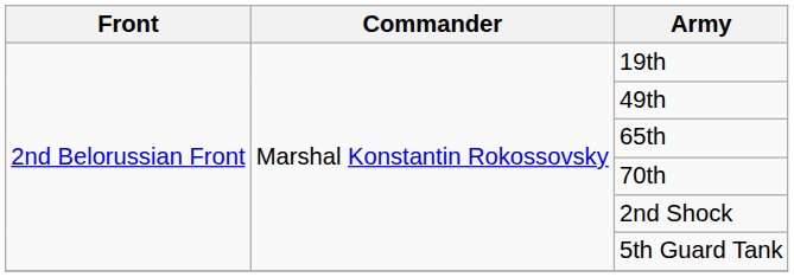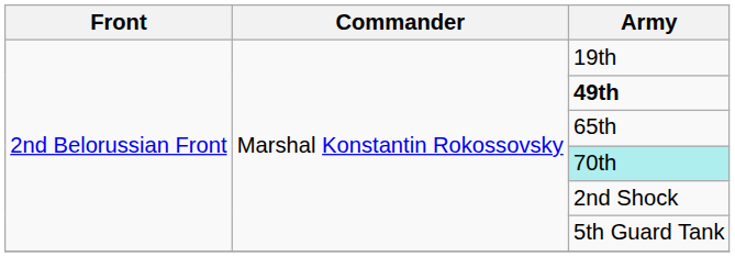 <table class="wikitable">
 <tr>
 <th>Front</th>
 <th>Commander</th>
 <th>Army</th>
 </tr>
 <tr>
 <td rowspan="6"><a href='#'>2nd Belorussian Front</a></td>
 <td rowspan="6">Marshal <a href='#'>Konstantin Rokossovsky</a></td>
 <td>19th</td>
 </tr>
 <tr>
-<td>49th</td>
+<td><strong>49th</strong></td>
 </tr>
 <tr>
 <td>65th</td>
 </tr>
 <tr>
-<td>70th</td>
+<td style="background: paleturquoise;">70th</td>
 </tr>
 <tr>
 <td>2nd Shock</td>
 </tr>
 <tr>
 <td>5th Guard Tank</td>
 </tr>
 <tr>
 </tr>
 </table>
